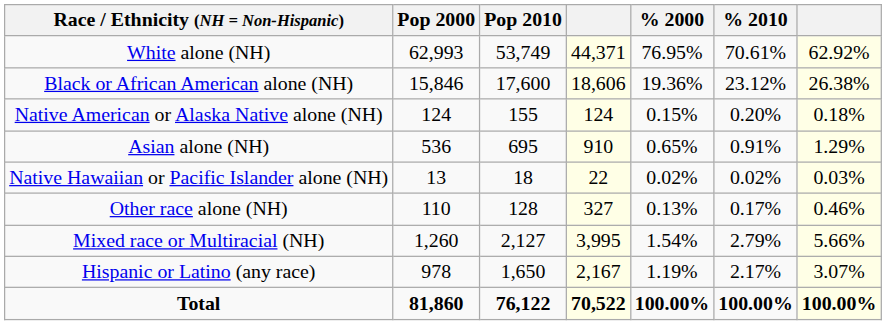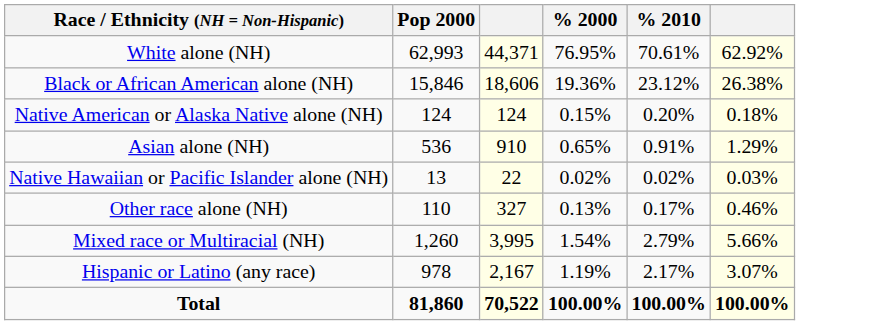 <table class="wikitable" style="text-align:center;">
 <tr>
 <th>Race / Ethnicity <small>(<em>NH = Non-Hispanic</em>)</small></th>
 <th>Pop 2000</th>
-<th>Pop 2010</th>
 <th></th>
 <th>% 2000</th>
 <th>% 2010</th>
 <th></th>
 </tr>
 <tr>
 <td><a href='#'>White</a> alone (NH)</td>
 <td>62,993</td>
-<td>53,749</td>
 <td style='background: #ffffe6;'>44,371</td>
 <td>76.95%</td>
 <td>70.61%</td>
 <td style='background: #ffffe6;'>62.92%</td>
 </tr>
 <tr>
 <td><a href='#'>Black or African American</a> alone (NH)</td>
 <td>15,846</td>
-<td>17,600</td>
 <td style='background: #ffffe6;'>18,606</td>
 <td>19.36%</td>
 <td>23.12%</td>
 <td style='background: #ffffe6;'>26.38%</td>
 </tr>
 <tr>
 <td><a href='#'>Native American</a> or <a href='#'>Alaska Native</a> alone (NH)</td>
 <td>124</td>
-<td>155</td>
 <td style='background: #ffffe6;'>124</td>
 <td>0.15%</td>
 <td>0.20%</td>
 <td style='background: #ffffe6;'>0.18%</td>
 </tr>
 <tr>
 <td><a href='#'>Asian</a> alone (NH)</td>
 <td>536</td>
-<td>695</td>
 <td style='background: #ffffe6;'>910</td>
 <td>0.65%</td>
 <td>0.91%</td>
 <td style='background: #ffffe6;'>1.29%</td>
 </tr>
 <tr>
 <td><a href='#'>Native Hawaiian</a> or <a href='#'>Pacific Islander</a> alone (NH)</td>
 <td>13</td>
-<td>18</td>
 <td style='background: #ffffe6;'>22</td>
 <td>0.02%</td>
 <td>0.02%</td>
 <td style='background: #ffffe6;'>0.03%</td>
 </tr>
 <tr>
 <td><a href='#'>Other race</a> alone (NH)</td>
 <td>110</td>
-<td>128</td>
 <td style='background: #ffffe6;'>327</td>
 <td>0.13%</td>
 <td>0.17%</td>
 <td style='background: #ffffe6;'>0.46%</td>
 </tr>
 <tr>
 <td><a href='#'>Mixed race or Multiracial</a> (NH)</td>
 <td>1,260</td>
-<td>2,127</td>
 <td style='background: #ffffe6;'>3,995</td>
 <td>1.54%</td>
 <td>2.79%</td>
 <td style='background: #ffffe6;'>5.66%</td>
 </tr>
 <tr>
 <td><a href='#'>Hispanic or Latino</a> (any race)</td>
 <td>978</td>
-<td>1,650</td>
 <td style='background: #ffffe6;'>2,167</td>
 <td>1.19%</td>
 <td>2.17%</td>
 <td style='background: #ffffe6;'>3.07%</td>
 </tr>
 <tr>
 <td><strong>Total</strong></td>
 <td><strong>81,860</strong></td>
-<td><strong>76,122</strong></td>
 <td style='background: #ffffe6;'><strong>70,522</strong></td>
 <td><strong>100.00%</strong></td>
 <td><strong>100.00%</strong></td>
 <td style='background: #ffffe6;'><strong>100.00%</strong></td>
 </tr>
 </table>
